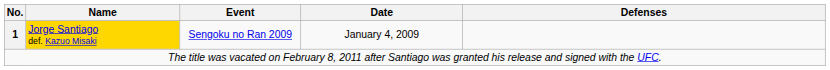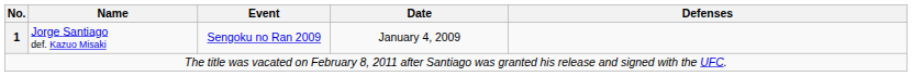 <table class="wikitable" width=100%>
 <tr>
 <th width=1%>No.</th>
 <th width=19%>Name</th>
 <th width=15%>Event</th>
 <th width=20%>Date</th>
 <th width=45%>Defenses</th>
 </tr>
 <tr>
 <th>1</th>
-<td align=left style="background: gold;"><a href='#'>Jorge Santiago</a><br><small>def. <a href='#'>Kazuo Misaki</a></small></td>
+<td align=left><a href='#'>Jorge Santiago</a><br><small>def. <a href='#'>Kazuo Misaki</a></small></td>
 <td align=center><a href='#'>Sengoku no Ran 2009</a><br></td>
 <td align=center>January 4, 2009</td>
 <td><br><br> </td>
 </tr>
 <tr>
 <td align="center" colspan="5"><em>The title was vacated on February 8, 2011 after Santiago was granted his release and signed with the <a href='#'>UFC</a>.</em></td>
 </tr>
 </table>
